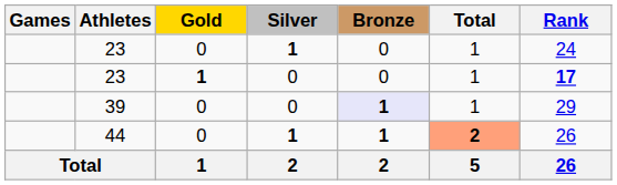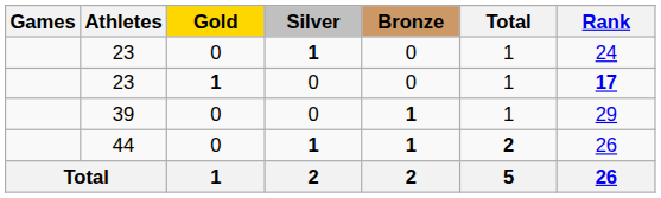 <table class="wikitable" style="text-align:center; font-size:90%;">
 <tr>
 <th>Games</th>
 <th>Athletes</th>
 <td style="background:gold; width:4.5em; font-weight:bold;">Gold</td>
 <td style="background:silver; width:4.5em; font-weight:bold;">Silver</td>
 <td style="background:#cc9966; width:4.5em; font-weight:bold;">Bronze</td>
 <th style="width:4.5em; font-weight:bold;">Total</th>
 <th style="width:4.5em; font-weight:bold;"><a href='#'>Rank</a></th>
 </tr>
 <tr>
 <td align=left></td>
 <td>23</td>
 <td>0</td>
 <td><strong>1</strong></td>
 <td>0</td>
 <td>1</td>
 <td><a href='#'>24</a></td>
 </tr>
 <tr>
 <td align=left></td>
 <td>23</td>
 <td><strong>1</strong></td>
 <td>0</td>
 <td>0</td>
 <td>1</td>
 <td><a href='#'><strong>17</strong></a></td>
 </tr>
 <tr>
 <td align=left></td>
 <td>39</td>
 <td>0</td>
 <td>0</td>
-<td style="background: lavender;"><strong>1</strong></td>
+<td><strong>1</strong></td>
 <td>1</td>
 <td><a href='#'>29</a></td>
 </tr>
 <tr>
 <td align=left></td>
 <td>44</td>
 <td>0</td>
 <td><strong>1</strong></td>
 <td><strong>1</strong></td>
-<td style="background: lightsalmon;"><strong>2</strong></td>
+<td><strong>2</strong></td>
 <td><a href='#'>26</a></td>
 </tr>
 <tr>
 <th colspan=2>Total</th>
 <th>1</th>
 <th>2</th>
 <th>2</th>
 <th>5</th>
 <th><a href='#'>26</a></th>
 </tr>
 </table>
